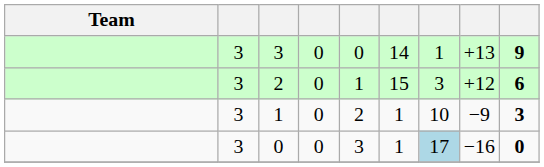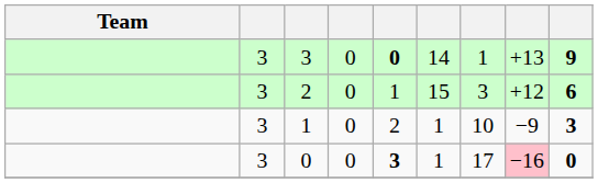 <table class="wikitable" style="text-align: center;">
 <tr>
 <th width="165">Team</th>
 <th width="25"></th>
 <th width="25"></th>
 <th width="25"></th>
 <th width="25"></th>
 <th width="25"></th>
 <th width="25"></th>
 <th width="25"></th>
 <th width="25"></th>
 </tr>
 <tr style="background:#cfc;">
 <td align=left></td>
 <td>3</td>
 <td>3</td>
 <td>0</td>
-<td>0</td>
+<td><strong>0</strong></td>
 <td>14</td>
 <td>1</td>
 <td>+13</td>
 <td><strong>9</strong></td>
 </tr>
 <tr style="background:#cfc;">
 <td align=left></td>
 <td>3</td>
 <td>2</td>
 <td>0</td>
 <td>1</td>
 <td>15</td>
 <td>3</td>
 <td>+12</td>
 <td><strong>6</strong></td>
 </tr>
 <tr>
 <td align=left></td>
 <td>3</td>
 <td>1</td>
 <td>0</td>
 <td>2</td>
 <td>1</td>
 <td>10</td>
 <td>−9</td>
 <td><strong>3</strong></td>
 </tr>
 <tr>
 <td align=left></td>
 <td>3</td>
 <td>0</td>
 <td>0</td>
-<td>3</td>
+<td><strong>3</strong></td>
 <td>1</td>
-<td style="background: lightblue;">17</td>
-<td>−16</td>
+<td>17</td>
+<td style="background: pink;">−16</td>
 <td><strong>0</strong></td>
 </tr>
 <tr>
 </tr>
 </table>
